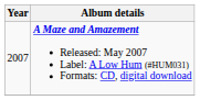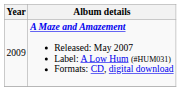 <table class="wikitable" border="1">
 <tr>
 <th>Year</th>
 <th>Album details</th>
 </tr>
 <tr>
-<td>2007</td>
+<td>2009</td>
 <td><strong><em><a href='#'>A Maze and Amazement</a></em></strong><br><ul><li>Released: May 2007</li><li>Label: <a href='#'>A Low Hum</a> <small>(#HUM031)</small></li><li>Formats: <a href='#'>CD</a>, <a href='#'>digital download</a></li></ul></td>
 </tr>
 <tr>
 </tr>
 </table>
